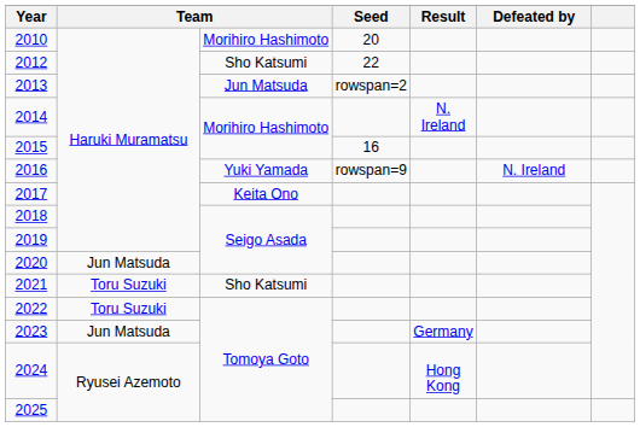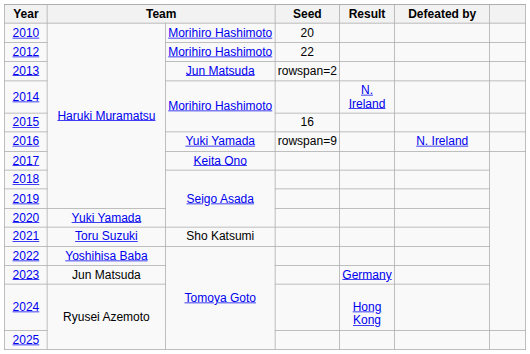 <table class="wikitable" style="text-align: center;">
 <tr style= "background: #e2e2e2;">
 </tr>
 <tr style="background: #efefef;">
 <th width=50px>Year</th>
 <th colspan="2">Team</th>
 <th width=50px>Seed</th>
 <th width=50px>Result</th>
 <th width=120px>Defeated by</th>
 <th width=40px></th>
 </tr>
 <tr>
 <td><a href='#'>2010</a></td>
 <td rowspan=9 width=150px><a href='#'>Haruki Muramatsu</a></td>
 <td><a href='#'>Morihiro Hashimoto</a></td>
 <td>20</td>
 <td></td>
 <td> </td>
 <td></td>
 </tr>
 <tr>
 <td><a href='#'>2012</a></td>
-<td>Sho Katsumi</td>
+<td><a href='#'>Morihiro Hashimoto</a></td>
 <td>22</td>
 <td></td>
 <td> </td>
 <td></td>
 </tr>
 <tr>
 <td><a href='#'>2013</a></td>
 <td><a href='#'>Jun Matsuda</a></td>
 <td>rowspan=2 </td>
 <td></td>
 <td> </td>
 <td></td>
 </tr>
 <tr>
 <td><a href='#'>2014</a></td>
 <td rowspan=2><a href='#'>Morihiro Hashimoto</a></td>
 <td></td>
 <td> <a href='#'>N. Ireland</a></td>
 <td></td>
 </tr>
 <tr>
 <td><a href='#'>2015</a></td>
 <td>16</td>
 <td></td>
 <td> </td>
 <td></td>
 </tr>
 <tr>
 <td><a href='#'>2016</a></td>
 <td><a href='#'>Yuki Yamada</a></td>
 <td>rowspan=9 </td>
 <td></td>
 <td> <a href='#'>N. Ireland</a></td>
 <td></td>
 </tr>
 <tr>
 <td><a href='#'>2017</a></td>
 <td><a href='#'>Keita Ono</a></td>
 <td></td>
 <td> </td>
 <td></td>
 </tr>
 <tr>
 <td><a href='#'>2018</a></td>
 <td rowspan=3><a href='#'>Seigo Asada</a></td>
 <td></td>
 <td> </td>
 <td></td>
 </tr>
 <tr>
 <td><a href='#'>2019</a></td>
 <td></td>
 <td> </td>
 <td></td>
 </tr>
 <tr>
 <td><a href='#'>2020</a></td>
-<td>Jun Matsuda</td>
+<td><a href='#'>Yuki Yamada</a></td>
 <td></td>
 <td> </td>
 <td></td>
 </tr>
 <tr>
 <td><a href='#'>2021</a></td>
 <td><a href='#'>Toru Suzuki</a></td>
 <td>Sho Katsumi</td>
 <td></td>
 <td> </td>
 <td></td>
 </tr>
 <tr>
 <td><a href='#'>2022</a></td>
-<td><a href='#'>Toru Suzuki</a></td>
+<td><a href='#'>Yoshihisa Baba</a></td>
 <td rowspan=4><a href='#'>Tomoya Goto</a></td>
 <td></td>
 <td> </td>
 <td></td>
 </tr>
 <tr>
 <td><a href='#'>2023</a></td>
 <td>Jun Matsuda</td>
 <td></td>
 <td> <a href='#'>Germany</a></td>
 <td></td>
 </tr>
 <tr>
 <td><a href='#'>2024</a></td>
 <td rowspan=2>Ryusei Azemoto</td>
 <td></td>
 <td> <br> <a href='#'>Hong Kong</a></td>
 <td></td>
 </tr>
 <tr>
 <td><a href='#'>2025</a></td>
 <td></td>
 <td></td>
 <td></td>
 <td></td>
 </tr>
 </table>
